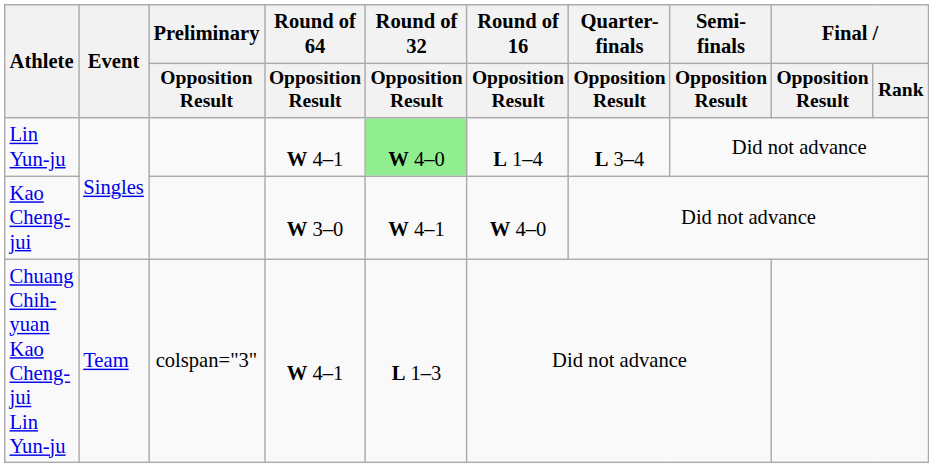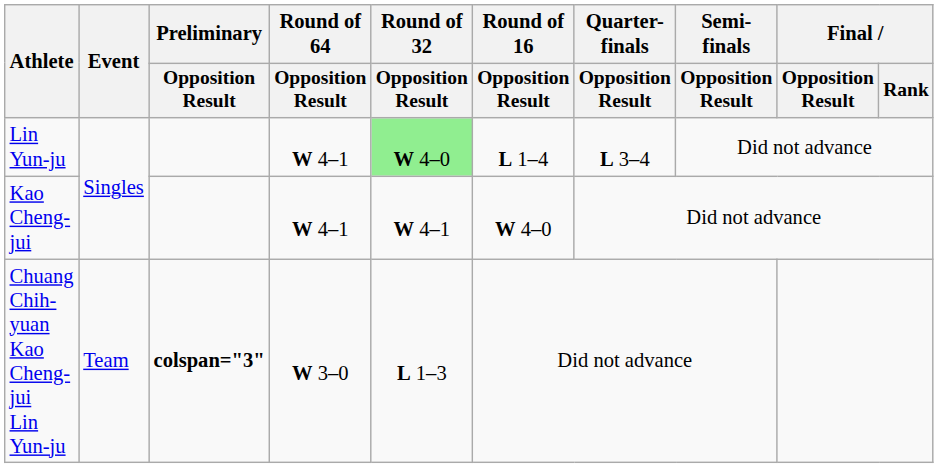 <table class="wikitable" style="font-size:90%; text-align:center">
 <tr>
 <th rowspan="2">Athlete</th>
 <th rowspan="2">Event</th>
 <th>Preliminary</th>
 <th>Round of 64</th>
 <th>Round of 32</th>
 <th>Round of 16</th>
 <th>Quarter-finals</th>
 <th>Semi-finals</th>
 <th colspan="2">Final / </th>
 </tr>
 <tr style=font-size:95%>
 <th>Opposition<br>Result</th>
 <th>Opposition<br>Result</th>
 <th>Opposition<br>Result</th>
 <th>Opposition<br>Result</th>
 <th>Opposition<br>Result</th>
 <th>Opposition<br>Result</th>
 <th>Opposition<br>Result</th>
 <th>Rank</th>
 </tr>
 <tr>
 <td align="left"><a href='#'>Lin Yun-ju</a></td>
 <td align="left" rowspan="2"><a href='#'>Singles</a></td>
 <td></td>
 <td><br><strong>W</strong> 4–1</td>
 <td style="background: lightgreen;"><br><strong>W</strong> 4–0</td>
 <td><br><strong>L</strong> 1–4</td>
 <td><br><strong>L</strong> 3–4</td>
 <td colspan="3">Did not advance</td>
 </tr>
 <tr>
 <td align="left"><a href='#'>Kao Cheng-jui</a></td>
 <td></td>
-<td><br><strong>W</strong> 3–0</td>
+<td><br><strong>W</strong> 4–1</td>
 <td><br><strong>W</strong> 4–1</td>
 <td><br><strong>W</strong> 4–0</td>
 <td colspan="4">Did not advance</td>
 </tr>
 <tr>
 <td align="left"><a href='#'>Chuang Chih-yuan</a><br><a href='#'>Kao Cheng-jui</a><br><a href='#'>Lin Yun-ju</a></td>
 <td align="left"><a href='#'>Team</a></td>
-<td>colspan="3" </td>
-<td><br><strong>W</strong> 4–1</td>
+<td><strong>colspan="3" </strong></td>
+<td><br><strong>W</strong> 3–0</td>
 <td><br><strong>L</strong> 1–3</td>
 <td colspan="3">Did not advance</td>
 </tr>
 </table>
